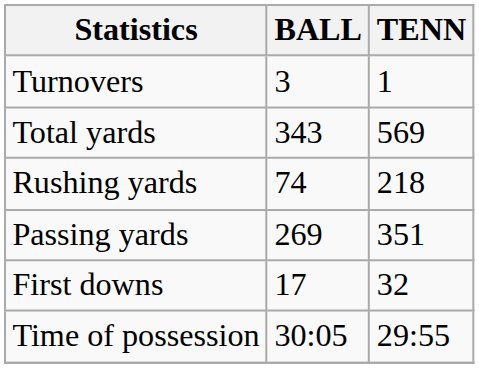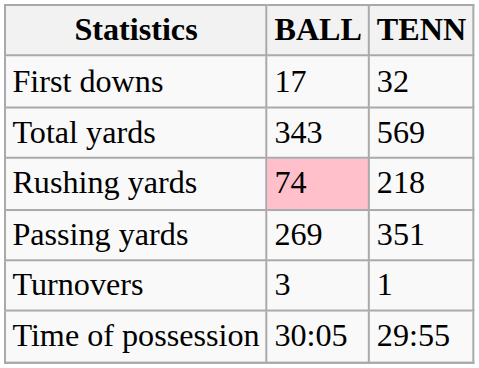 <table class="wikitable">
 <tr>
 <th>Statistics</th>
 <th>BALL</th>
 <th>TENN</th>
 </tr>
 <tr>
-<td>Turnovers</td>
-<td>3</td>
-<td>1</td>
+<td>First downs</td>
+<td>17</td>
+<td>32</td>
 </tr>
 <tr>
 <td>Total yards</td>
 <td>343</td>
 <td>569</td>
 </tr>
 <tr>
 <td>Rushing yards</td>
-<td>74</td>
+<td style="background: pink;">74</td>
 <td>218</td>
 </tr>
 <tr>
 <td>Passing yards</td>
 <td>269</td>
 <td>351</td>
 </tr>
 <tr>
-<td>First downs</td>
-<td>17</td>
-<td>32</td>
+<td>Turnovers</td>
+<td>3</td>
+<td>1</td>
 </tr>
 <tr>
 <td>Time of possession</td>
 <td>30:05</td>
 <td>29:55</td>
 </tr>
 <tr>
 </tr>
 </table>
